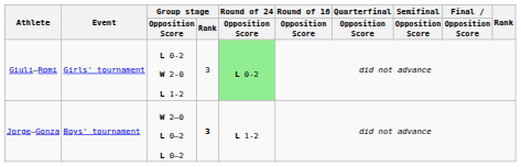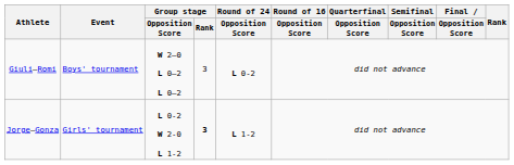 <table class="wikitable" style="font-size:90%">
 <tr>
 <th rowspan=2>Athlete</th>
 <th rowspan=2>Event</th>
 <th colspan=2>Group stage</th>
 <th>Round of 24</th>
 <th>Round of 16</th>
 <th>Quarterfinal</th>
 <th>Semifinal</th>
 <th>Final / </th>
 <th rowspan=2>Rank</th>
 </tr>
 <tr style="font-size:95%">
 <th>Opposition<br>Score</th>
 <th>Rank</th>
 <th>Opposition<br>Score</th>
 <th>Opposition<br>Score</th>
 <th>Opposition<br>Score</th>
 <th>Opposition<br>Score</th>
 <th>Opposition<br>Score</th>
 </tr>
 <tr align=center>
 <td><a href='#'>Giuli</a>–<a href='#'>Romi</a></td>
-<td><a href='#'>Girls' tournament</a></td>
-<td><br><strong>L</strong> 0-2<br><br><strong>W</strong> 2-0<br><br><strong>L</strong> 1-2</td>
+<td align=left><a href='#'>Boys' tournament</a></td>
+<td><br> <strong>W</strong> 2–0<br><br> <strong>L</strong> 0–2<br><br> <strong>L</strong> 0–2</td>
 <td>3</td>
-<td style="background: lightgreen;"><br><strong>L</strong> 0-2</td>
+<td><br><strong>L</strong> 0-2</td>
 <td Colspan=5><em>did not advance</em></td>
 </tr>
 <tr align=center>
 <td align=left><a href='#'>Jorge</a>–<a href='#'>Gonza</a></td>
-<td align=left><a href='#'>Boys' tournament</a></td>
-<td><br> <strong>W</strong> 2–0<br><br> <strong>L</strong> 0–2<br><br> <strong>L</strong> 0–2</td>
+<td><a href='#'>Girls' tournament</a></td>
+<td><br><strong>L</strong> 0-2<br><br><strong>W</strong> 2-0<br><br><strong>L</strong> 1-2</td>
 <td><strong>3</strong></td>
 <td><br><strong>L</strong> 1-2</td>
 <td Colspan=5><em>did not advance</em></td>
 </tr>
 </table>
